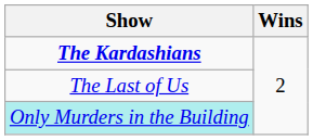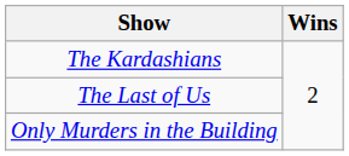 <table class="wikitable">
 <tr>
 <th>Show</th>
 <th>Wins</th>
 </tr>
 <tr style="text-align:center">
-<td><strong><em><a href='#'>The Kardashians</a></em></strong></td>
+<td><em><a href='#'>The Kardashians</a></em></td>
 <td rowspan="3">2</td>
 </tr>
 <tr style="text-align:center">
 <td><em><a href='#'>The Last of Us</a></em></td>
 </tr>
 <tr style="text-align:center">
-<td style="background: paleturquoise;"><em><a href='#'>Only Murders in the Building</a></em></td>
+<td><em><a href='#'>Only Murders in the Building</a></em></td>
 </tr>
 </table>
